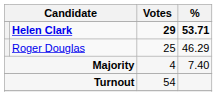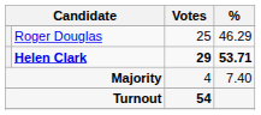 <table class="wikitable" style="font-size: 95%;">
 <tr style="background-color:#E9E9E9">
 <th colspan="2" style="width: 170px">Candidate</th>
 <th style="width: 50px">Votes</th>
 <th style="width: 40px">%</th>
 </tr>
 <tr>
 </tr>
 <tr>
 <th style="background-color: "></th>
+<td style="width: 170px"><a href='#'>Roger Douglas</a></td>
+<td align="right">25</td>
+<td align="right">46.29</td>
+</tr>
+<tr>
+<th style="background-color: "></th>
 <td style="width: 170px"><strong><a href='#'>Helen Clark</a></strong></td>
 <td align="right"><strong>29</strong></td>
 <td align="right"><strong>53.71</strong></td>
-</tr>
-<tr>
-<th style="background-color: "></th>
-<td style="width: 170px"><a href='#'>Roger Douglas</a></td>
-<td align="right">25</td>
-<td align="right">46.29</td>
 </tr>
 <tr style="background-color:#F6F6F6">
 <td colspan="2" align="right"><strong>Majority</strong></td>
 <td align="right">4</td>
 <td align="right">7.40</td>
 </tr>
 <tr>
 </tr>
 <tr style="background-color:#F6F6F6">
 <td colspan="2" align="right"><strong>Turnout</strong></td>
-<td align="right">54</td>
+<td align="right"><strong>54</strong></td>
 <td></td>
 </tr>
 <tr>
 </tr>
 <tr style="background-color:#F6F6F6">
 </tr>
 </table>
